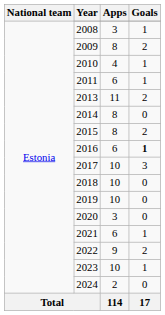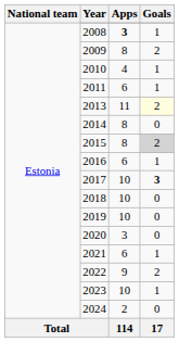 <table class="wikitable" style="text-align:center">
 <tr>
 <th>National team</th>
 <th>Year</th>
 <th>Apps</th>
 <th>Goals</th>
 </tr>
 <tr>
 <td rowspan=17><a href='#'>Estonia</a></td>
 </tr>
 <tr>
 <td>2008</td>
-<td>3</td>
+<td><strong>3</strong></td>
 <td>1</td>
 </tr>
 <tr>
 <td>2009</td>
 <td>8</td>
 <td>2</td>
 </tr>
 <tr>
 <td>2010</td>
 <td>4</td>
 <td>1</td>
 </tr>
 <tr>
 <td>2011</td>
 <td>6</td>
 <td>1</td>
 </tr>
 <tr>
 <td>2013</td>
 <td>11</td>
-<td>2</td>
+<td style="background: lightyellow;">2</td>
 </tr>
 <tr>
 <td>2014</td>
 <td>8</td>
 <td>0</td>
 </tr>
 <tr>
 <td>2015</td>
 <td>8</td>
-<td>2</td>
+<td style="background: lightgrey;">2</td>
 </tr>
 <tr>
 <td>2016</td>
 <td>6</td>
-<td><strong>1</strong></td>
+<td>1</td>
 </tr>
 <tr>
 <td>2017</td>
 <td>10</td>
-<td>3</td>
+<td><strong>3</strong></td>
 </tr>
 <tr>
 <td>2018</td>
 <td>10</td>
 <td>0</td>
 </tr>
 <tr>
 <td>2019</td>
 <td>10</td>
 <td>0</td>
 </tr>
 <tr>
 <td>2020</td>
 <td>3</td>
 <td>0</td>
 </tr>
 <tr>
 <td>2021</td>
 <td>6</td>
 <td>1</td>
 </tr>
 <tr>
 <td>2022</td>
 <td>9</td>
 <td>2</td>
 </tr>
 <tr>
 <td>2023</td>
 <td>10</td>
 <td>1</td>
 </tr>
 <tr>
 <td>2024</td>
 <td>2</td>
 <td>0</td>
 </tr>
 <tr>
 <th colspan=2>Total</th>
 <th>114</th>
 <th>17</th>
 </tr>
 </table>
